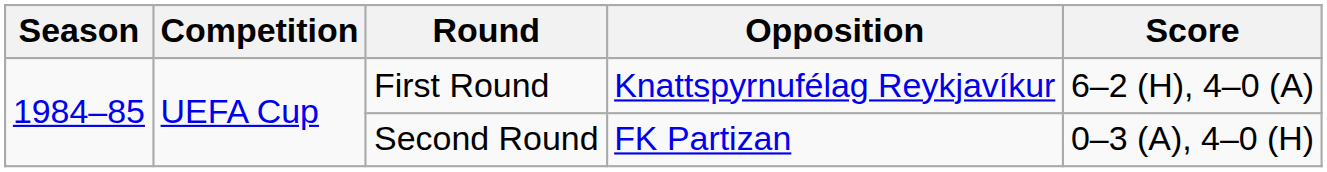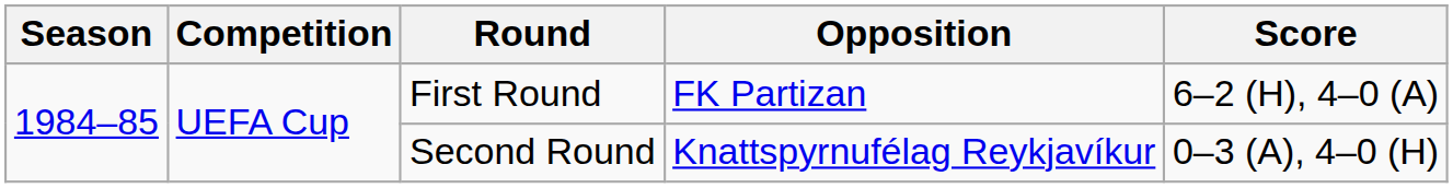 <table class="wikitable">
 <tr>
 <th>Season</th>
 <th>Competition</th>
 <th>Round</th>
 <th>Opposition</th>
 <th>Score</th>
 </tr>
 <tr>
 <td rowspan="2"><a href='#'>1984–85</a></td>
 <td rowspan="2"><a href='#'>UEFA Cup</a></td>
 <td>First Round</td>
-<td> <a href='#'>Knattspyrnufélag Reykjavíkur</a></td>
+<td> <a href='#'>FK Partizan</a></td>
 <td>6–2 (H), 4–0 (A)</td>
 </tr>
 <tr>
 <td>Second Round</td>
-<td> <a href='#'>FK Partizan</a></td>
+<td> <a href='#'>Knattspyrnufélag Reykjavíkur</a></td>
 <td>0–3 (A), 4–0 (H)</td>
 </tr>
 </table>
